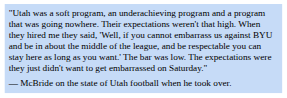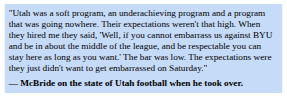 <table class="toccolours" style="float: right; margin-left: 1em; margin-right: 2em; font-size: 85%; background:#c6dbf7; color:black; width:30em; max-width: 40%;" cellspacing="5">
 <tr>
 <td style="text-align: left;">"Utah was a soft program, an underachieving program and a program that was going nowhere. Their expectations weren't that high. When they hired me they said, 'Well, if you cannot embarrass us against BYU and be in about the middle of the league, and be respectable you can stay here as long as you want.' The bar was low. The expectations were they just didn't want to get embarrassed on Saturday."</td>
 </tr>
 <tr>
-<td style="text-align: left;">— McBride on the state of Utah football when he took over.</td>
+<td style="text-align: left;"><strong>— McBride on the state of Utah football when he took over.</strong></td>
 </tr>
 </table>
